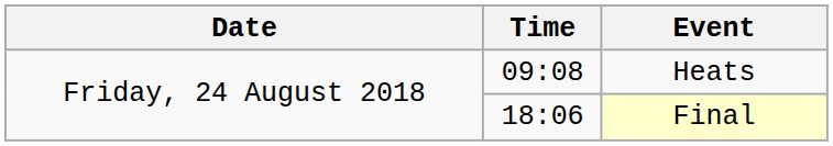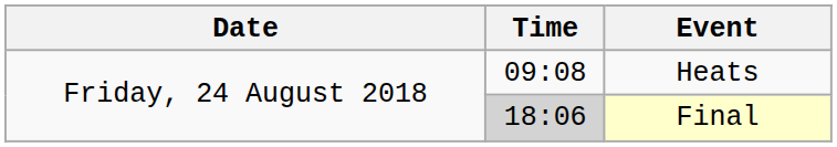 <table class = "wikitable" style="text-align:center;">
 <tr>
 <th width=220>Date</th>
 <th width=50>Time</th>
 <th width=100>Event</th>
 </tr>
 <tr>
 <td rowspan=2>Friday, 24 August 2018</td>
 <td>09:08</td>
 <td>Heats</td>
 </tr>
 <tr>
-<td>18:06</td>
+<td style="background: lightgrey;">18:06</td>
 <td bgcolor=ffffcc>Final</td>
 </tr>
 </table>
